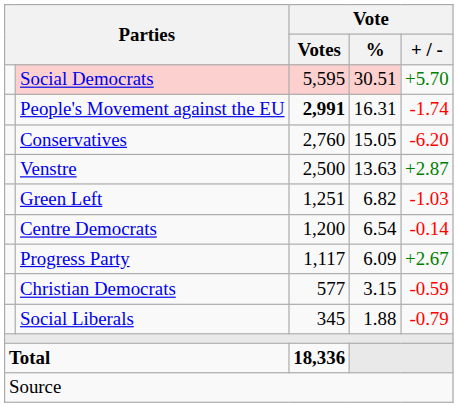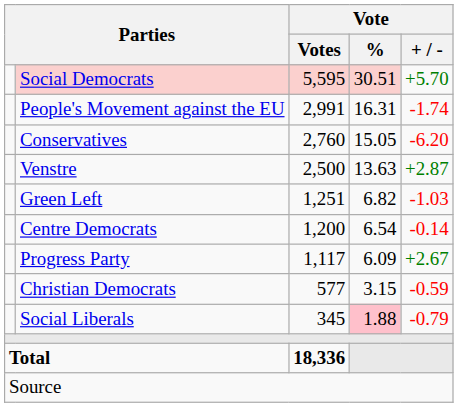 <table class="wikitable" style="text-align:right;">
 <tr>
 <th style="text-align:centre;" rowspan="2" colspan="2" width="225">Parties</th>
 <th colspan="3">Vote</th>
 </tr>
 <tr>
 <th width="15">Votes</th>
 <th width="15">%</th>
 <th width="15">+ / -</th>
 </tr>
 <tr>
 <td width="2" style="color:inherit;background:"></td>
 <td bgcolor=#fbd0ce   align="left"><a href='#'>Social Democrats</a></td>
 <td bgcolor=#fbd0ce>5,595</td>
 <td bgcolor=#fbd0ce>30.51</td>
 <td style=color:green;>+5.70</td>
 </tr>
 <tr>
 <td width="2" style="color:inherit;background:"></td>
 <td align="left"><a href='#'>People's Movement against the EU</a></td>
-<td><strong>2,991</strong></td>
+<td>2,991</td>
 <td>16.31</td>
 <td style=color:red;>-1.74</td>
 </tr>
 <tr>
 <td width="2" style="color:inherit;background:"></td>
 <td align="left"><a href='#'>Conservatives</a></td>
 <td>2,760</td>
 <td>15.05</td>
 <td style=color:red;>-6.20</td>
 </tr>
 <tr>
 <td width="2" style="color:inherit;background:"></td>
 <td align="left"><a href='#'>Venstre</a></td>
 <td>2,500</td>
 <td>13.63</td>
 <td style=color:green;>+2.87</td>
 </tr>
 <tr>
 <td width="2" style="color:inherit;background:"></td>
 <td align="left"><a href='#'>Green Left</a></td>
 <td>1,251</td>
 <td>6.82</td>
 <td style=color:red;>-1.03</td>
 </tr>
 <tr>
 <td width="2" style="color:inherit;background:"></td>
 <td align="left"><a href='#'>Centre Democrats</a></td>
 <td>1,200</td>
 <td>6.54</td>
 <td style=color:red;>-0.14</td>
 </tr>
 <tr>
 <td width="2" style="color:inherit;background:"></td>
 <td align="left"><a href='#'>Progress Party</a></td>
 <td>1,117</td>
 <td>6.09</td>
 <td style=color:green;>+2.67</td>
 </tr>
 <tr>
 <td width="2" style="color:inherit;background:"></td>
 <td align="left"><a href='#'>Christian Democrats</a></td>
 <td>577</td>
 <td>3.15</td>
 <td style=color:red;>-0.59</td>
 </tr>
 <tr>
 <td width="2" style="color:inherit;background:"></td>
 <td align="left"><a href='#'>Social Liberals</a></td>
 <td>345</td>
-<td>1.88</td>
+<td style="background: pink;">1.88</td>
 <td style=color:red;>-0.79</td>
 </tr>
 <tr>
 <td colspan="7" bgcolor="#E9E9E9"></td>
 </tr>
 <tr>
 <td align="left" colspan="2"><strong>Total</strong></td>
 <td><strong>18,336</strong></td>
 <td bgcolor="#E9E9E9" colspan="2"></td>
 </tr>
 <tr>
 <td align="left" colspan="6">Source</td>
 </tr>
 </table>
